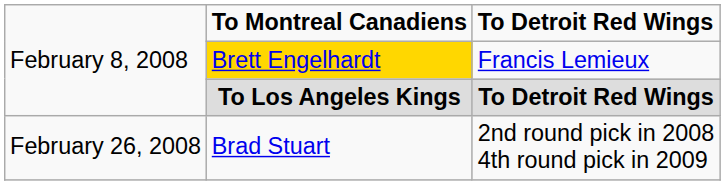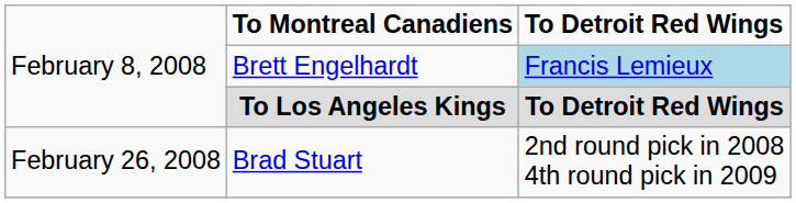 <table class="wikitable">
 <tr>
 <td rowspan="3">February 8, 2008</td>
 <td><strong>To Montreal Canadiens</strong></td>
 <td><strong>To Detroit Red Wings</strong></td>
 </tr>
 <tr>
-<td style="background: gold;"><a href='#'>Brett Engelhardt</a></td>
-<td><a href='#'>Francis Lemieux</a></td>
+<td><a href='#'>Brett Engelhardt</a></td>
+<td style="background: lightblue;"><a href='#'>Francis Lemieux</a></td>
 </tr>
 <tr align="center" bgcolor="#dddddd">
 <td><strong>To Los Angeles Kings</strong></td>
 <td><strong>To Detroit Red Wings</strong></td>
 </tr>
 <tr>
 <td rowspan="3">February 26, 2008</td>
 <td rowspan="3"><a href='#'>Brad Stuart</a></td>
 <td rowspan="3">2nd round pick in 2008<br>4th round pick in 2009</td>
 </tr>
 <tr>
 </tr>
 <tr>
 </tr>
 </table>
